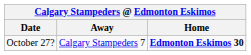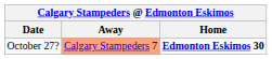 <table class="wikitable">
 <tr>
 <th colspan="4"><a href='#'>Calgary Stampeders</a> @ <a href='#'>Edmonton Eskimos</a></th>
 </tr>
 <tr>
 <th>Date</th>
 <th>Away</th>
 <th>Home</th>
 </tr>
 <tr>
 <td>October 27?</td>
-<td><a href='#'>Calgary Stampeders</a> 7</td>
+<td style="background: lightsalmon;"><a href='#'>Calgary Stampeders</a> 7</td>
 <td><strong><a href='#'>Edmonton Eskimos</a> 30</strong></td>
 </tr>
 </table>
